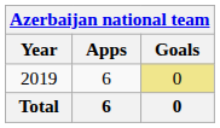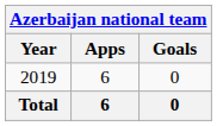 <table class="wikitable" style="text-align:center">
 <tr>
 <th colspan=3><a href='#'>Azerbaijan national team</a></th>
 </tr>
 <tr>
 <th>Year</th>
 <th>Apps</th>
 <th>Goals</th>
 </tr>
 <tr>
 <td>2019</td>
 <td>6</td>
-<td style="background: khaki;">0</td>
+<td>0</td>
 </tr>
 <tr>
 <th>Total</th>
 <th>6</th>
 <th>0</th>
 </tr>
 </table>
